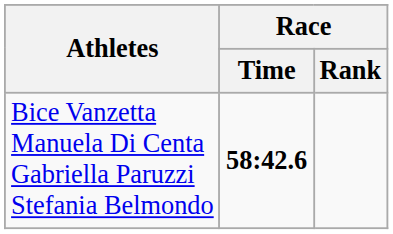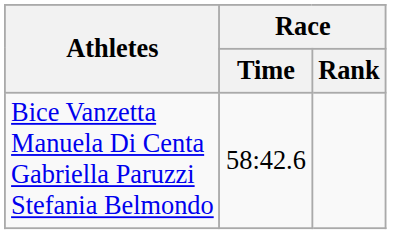 <table class="wikitable" border="1" style="font-size:90%">
 <tr>
 <th rowspan=2>Athletes</th>
 <th colspan=2>Race</th>
 </tr>
 <tr>
 <th>Time</th>
 <th>Rank</th>
 </tr>
 <tr>
 <td><a href='#'>Bice Vanzetta</a><br><a href='#'>Manuela Di Centa</a><br><a href='#'>Gabriella Paruzzi</a><br><a href='#'>Stefania Belmondo</a></td>
-<td align=center><strong>58:42.6</strong></td>
+<td align=center>58:42.6</td>
 <td align=center></td>
 </tr>
 </table>
